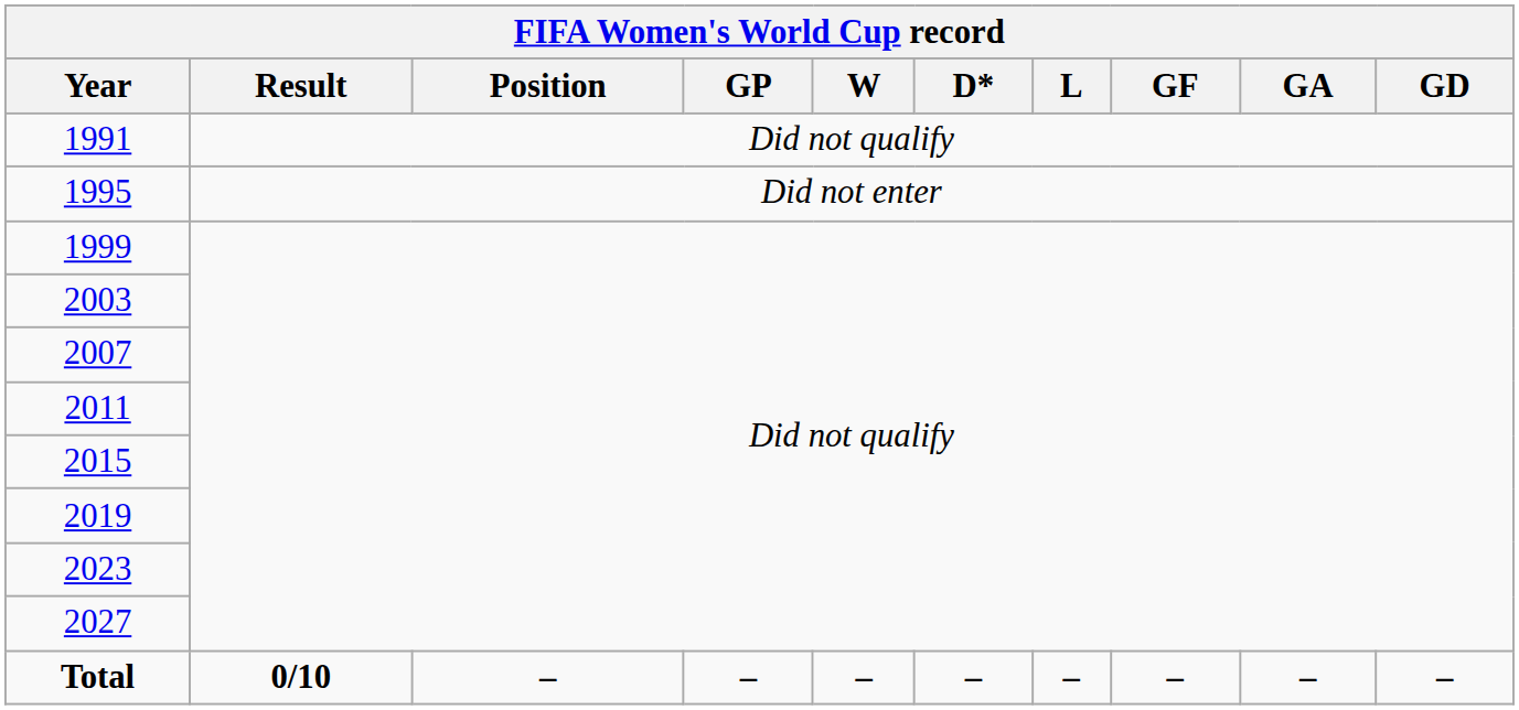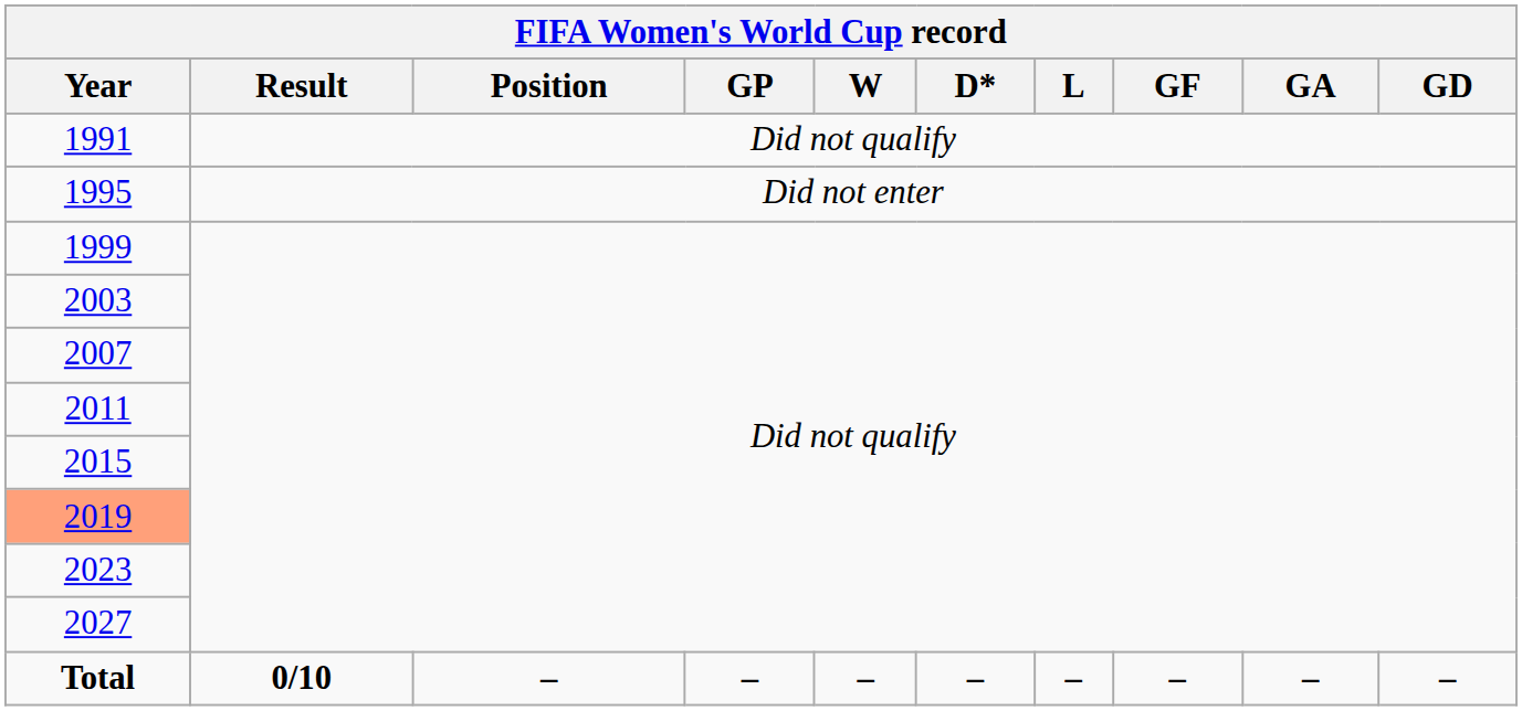 <table class="wikitable" style="text-align: center; width:45%;">
 <tr>
 <th colspan=10><a href='#'>FIFA Women's World Cup</a> record</th>
 </tr>
 <tr>
 <th>Year</th>
 <th>Result</th>
 <th>Position</th>
 <th>GP</th>
 <th>W</th>
 <th>D*</th>
 <th>L</th>
 <th>GF</th>
 <th>GA</th>
 <th>GD</th>
 </tr>
 <tr>
 <td> <a href='#'>1991</a></td>
 <td colspan=9><em>Did not qualify</em></td>
 </tr>
 <tr>
 <td> <a href='#'>1995</a></td>
 <td colspan=9><em>Did not enter</em></td>
 </tr>
 <tr>
 <td> <a href='#'>1999</a></td>
 <td colspan=9 rowspan=8><em>Did not qualify</em></td>
 </tr>
 <tr>
 <td> <a href='#'>2003</a></td>
 </tr>
 <tr>
 <td> <a href='#'>2007</a></td>
 </tr>
 <tr>
 <td> <a href='#'>2011</a></td>
 </tr>
 <tr>
 <td> <a href='#'>2015</a></td>
 </tr>
 <tr>
-<td> <a href='#'>2019</a></td>
+<td style="background: lightsalmon;"> <a href='#'>2019</a></td>
 </tr>
 <tr>
 <td> <a href='#'>2023</a></td>
 </tr>
 <tr>
 <td> <a href='#'>2027</a></td>
 </tr>
 <tr>
 <td><strong>Total</strong></td>
 <td><strong>0/10</strong></td>
 <td><strong>–</strong></td>
 <td><strong>–</strong></td>
 <td><strong>–</strong></td>
 <td><strong>–</strong></td>
 <td><strong>–</strong></td>
 <td><strong>–</strong></td>
 <td><strong>–</strong></td>
 <td><strong>–</strong></td>
 </tr>
 </table>
